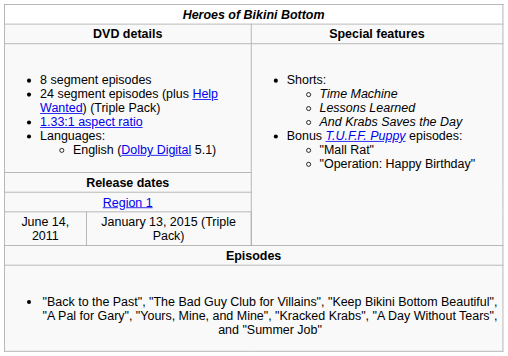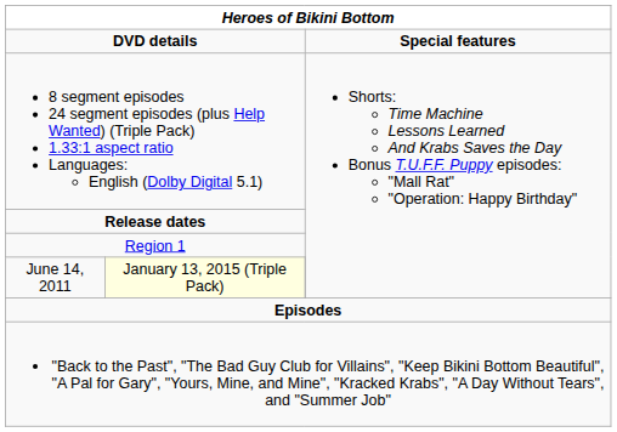 <table class="wikitable" style="font-size: 95%;">
 <tr style="background:#FFF; color:#000;">
 <td colspan="4" align="center"><strong><em>Heroes of Bikini Bottom</em></strong></td>
 </tr>
 <tr valign="top">
 <td style="text-align:center; width:400px;" colspan="3"><strong>DVD details</strong></td>
 <td style="width:300px; text-align:center;"><strong>Special features</strong></td>
 </tr>
 <tr valign="top">
 <td colspan="3" style="text-align:left; width:400px;"><br><ul><li>8 segment episodes</li><li>24 segment episodes (plus <a href='#'>Help Wanted</a>) (Triple Pack)</li><li><a href='#'>1.33:1 aspect ratio</a></li><li>Languages:<ul><li>English (<a href='#'>Dolby Digital</a> 5.1)</li></ul></li></ul></td>
 <td rowspan="4" style="text-align:left; width:300px;"><br><ul><li>Shorts:<ul><li><em>Time Machine</em></li><li><em>Lessons Learned</em></li><li><em>And Krabs Saves the Day</em></li></ul></li><li>Bonus <em><a href='#'>T.U.F.F. Puppy</a></em> episodes:<ul><li>"Mall Rat"</li><li>"Operation: Happy Birthday"</li></ul></li></ul></td>
 </tr>
 <tr>
 <td colspan="3" style="text-align:center;"><strong>Release dates</strong></td>
 </tr>
 <tr>
 <td colspan="3" style="text-align:center;"><a href='#'>Region 1</a></td>
 </tr>
 <tr style="text-align:center;">
 <td>June 14, 2011</td>
-<td>January 13, 2015 (Triple Pack)</td>
+<td style="background: lightyellow;">January 13, 2015 (Triple Pack)</td>
 </tr>
 <tr>
 <td style="text-align:center; width:400px;" colspan="4"><strong>Episodes</strong></td>
 </tr>
 <tr>
 <td style="text-align:center; width:400px;" colspan="4"><br><ul><li>"Back to the Past", "The Bad Guy Club for Villains", "Keep Bikini Bottom Beautiful", "A Pal for Gary", "Yours, Mine, and Mine", "Kracked Krabs", "A Day Without Tears", and "Summer Job"</li></ul></td>
 </tr>
 </table>
